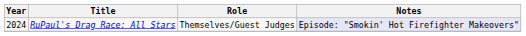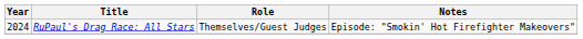 <table class="wikitable" style="text-align:center;">
 <tr>
 <th>Year</th>
 <th>Title</th>
 <th>Role</th>
 <th>Notes</th>
 </tr>
 <tr>
 <td>2024</td>
 <td><em><a href='#'>RuPaul's Drag Race: All Stars</a></em></td>
 <td>Themselves/Guest Judges</td>
-<td style="background: lavender;">Episode: "Smokin' Hot Firefighter Makeovers"</td>
+<td>Episode: "Smokin' Hot Firefighter Makeovers"</td>
 </tr>
 <tr>
 </tr>
 </table>
